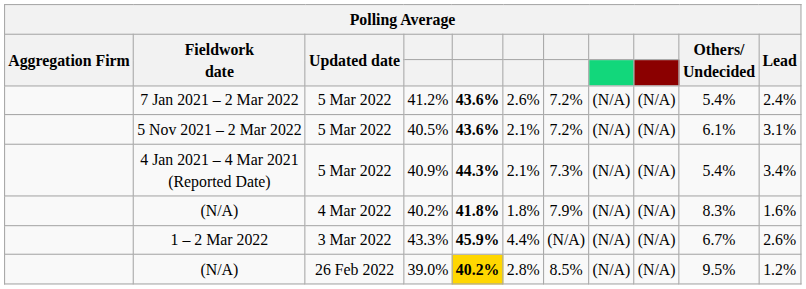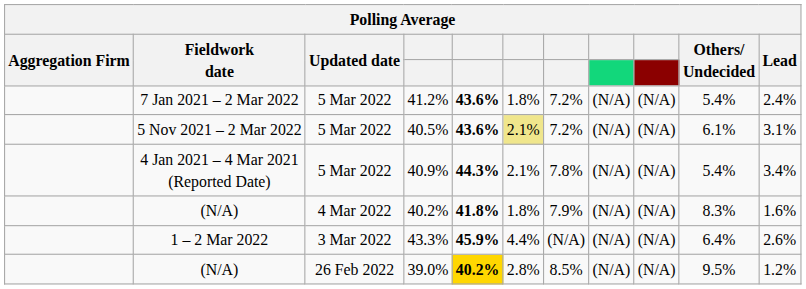 <table class="wikitable sortable" style="text-align:center;font-size:90%;line-height:20px">
 <tr>
 <th colspan="13">Polling Average</th>
 </tr>
 <tr>
 <th rowspan="2">Aggregation Firm</th>
 <th rowspan="2" class="unsortable">Fieldwork <br> date</th>
 <th rowspan="2">Updated date</th>
 <th></th>
 <th></th>
 <th></th>
 <th></th>
 <th></th>
 <th></th>
 <th rowspan="2">Others/<br>Undecided</th>
 <th rowspan="2">Lead</th>
 </tr>
 <tr>
 <th class="unsortable" style="background-color: "></th>
 <th class="unsortable" style="background-color: "></th>
 <th class="unsortable" style="background-color: "></th>
 <th class="unsortable" style="background-color: "></th>
 <th class="unsortable" style="background-color: #12D77B"></th>
 <th class="unsortable" style="background-color: #8B0000"></th>
 </tr>
 <tr>
 <td></td>
 <td>7 Jan 2021 – 2 Mar 2022</td>
 <td>5 Mar 2022</td>
 <td>41.2%</td>
 <td><strong>43.6%</strong></td>
-<td>2.6%</td>
+<td>1.8%</td>
 <td>7.2%</td>
 <td>(N/A)</td>
 <td>(N/A)</td>
 <td>5.4%</td>
 <td style="background:">2.4%</td>
 </tr>
 <tr>
 <td></td>
 <td>5 Nov 2021 – 2 Mar 2022</td>
 <td>5 Mar 2022</td>
 <td>40.5%</td>
 <td><strong>43.6%</strong></td>
-<td>2.1%</td>
+<td style="background: khaki;">2.1%</td>
 <td>7.2%</td>
 <td>(N/A)</td>
 <td>(N/A)</td>
 <td>6.1%</td>
 <td style="background:">3.1%</td>
 </tr>
 <tr>
 <td></td>
 <td>4 Jan 2021 – 4 Mar 2021 <br> (Reported Date)</td>
 <td>5 Mar 2022</td>
 <td>40.9%</td>
 <td><strong>44.3%</strong></td>
 <td>2.1%</td>
-<td>7.3%</td>
+<td>7.8%</td>
 <td>(N/A)</td>
 <td>(N/A)</td>
 <td>5.4%</td>
 <td style="background:">3.4%</td>
 </tr>
 <tr>
 <td></td>
 <td>(N/A)</td>
 <td>4 Mar 2022</td>
 <td>40.2%</td>
 <td><strong>41.8%</strong></td>
 <td>1.8%</td>
 <td>7.9%</td>
 <td>(N/A)</td>
 <td>(N/A)</td>
 <td>8.3%</td>
 <td style="background:">1.6%</td>
 </tr>
 <tr>
 <td></td>
 <td>1 – 2 Mar 2022</td>
 <td>3 Mar 2022</td>
 <td>43.3%</td>
 <td><strong>45.9%</strong></td>
 <td>4.4%</td>
 <td>(N/A)</td>
 <td>(N/A)</td>
 <td>(N/A)</td>
-<td>6.7%</td>
+<td>6.4%</td>
 <td style="background:">2.6%</td>
 </tr>
 <tr>
 <td></td>
 <td>(N/A)</td>
 <td>26 Feb 2022</td>
 <td>39.0%</td>
 <td style="background: gold;"><strong>40.2%</strong></td>
 <td>2.8%</td>
 <td>8.5%</td>
 <td>(N/A)</td>
 <td>(N/A)</td>
 <td>9.5%</td>
 <td style="background:">1.2%</td>
 </tr>
 </table>
